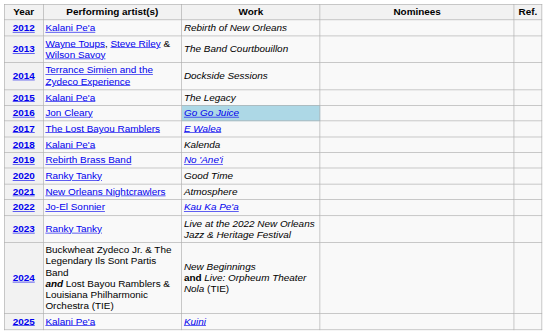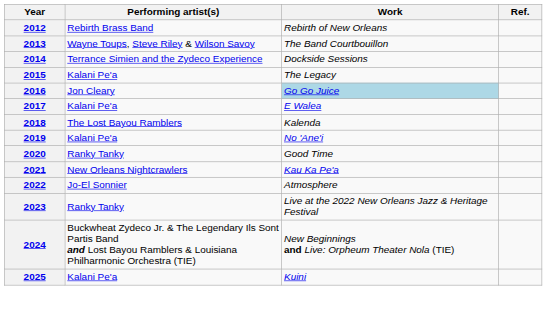 <table class="wikitable">
 <tr>
 <th width="7%">Year</th>
 <th width="25%">Performing artist(s)</th>
 <th width="25%">Work</th>
-<th width="35%" class=unsortable>Nominees</th>
 <th width="5%" class=unsortable>Ref.</th>
 </tr>
 <tr>
 <th scope="row" style="text-align:center;"><a href='#'>2012</a></th>
-<td><a href='#'>Kalani Pe'a</a></td>
+<td><a href='#'>Rebirth Brass Band</a></td>
 <td><em>Rebirth of New Orleans</em></td>
-<td></td>
 <td align="center"></td>
 </tr>
 <tr>
 <th scope="row" style="text-align:center;"><a href='#'>2013</a></th>
 <td><a href='#'>Wayne Toups</a>, <a href='#'>Steve Riley</a> & <a href='#'>Wilson Savoy</a></td>
 <td><em>The Band Courtbouillon</em></td>
-<td></td>
 <td align="center"></td>
 </tr>
 <tr>
 <th scope="row" style="text-align:center;"><a href='#'>2014</a></th>
 <td><a href='#'>Terrance Simien and the Zydeco Experience</a></td>
 <td><em>Dockside Sessions</em></td>
-<td></td>
 <td align="center"></td>
 </tr>
 <tr>
 <th scope="row" style="text-align:center;"><a href='#'>2015</a></th>
 <td><a href='#'>Kalani Pe'a</a></td>
 <td><em>The Legacy</em></td>
-<td></td>
 <td align="center"></td>
 </tr>
 <tr>
 <th scope="row" style="text-align:center;"><a href='#'>2016</a></th>
 <td><a href='#'>Jon Cleary</a></td>
 <td style="background: lightblue;"><em><a href='#'>Go Go Juice</a></em></td>
-<td></td>
 <td align="center"></td>
 </tr>
 <tr>
 <th scope="row" style="text-align:center;"><a href='#'>2017</a></th>
-<td><a href='#'>The Lost Bayou Ramblers</a></td>
+<td><a href='#'>Kalani Pe'a</a></td>
 <td><em><a href='#'>E Walea</a></em></td>
-<td></td>
 <td align="center"></td>
 </tr>
 <tr>
 <th scope="row" style="text-align:center;"><a href='#'>2018</a></th>
-<td><a href='#'>Kalani Pe'a</a></td>
+<td><a href='#'>The Lost Bayou Ramblers</a></td>
 <td><em>Kalenda</em></td>
-<td></td>
 <td align="center"></td>
 </tr>
 <tr>
 <th scope="row" style="text-align:center;"><a href='#'>2019</a></th>
-<td><a href='#'>Rebirth Brass Band</a></td>
+<td><a href='#'>Kalani Pe'a</a></td>
 <td><em><a href='#'>No 'Ane'i</a></em></td>
-<td></td>
 <td align="center"></td>
 </tr>
 <tr>
 <th scope="row" style="text-align:center;"><a href='#'>2020</a></th>
 <td><a href='#'>Ranky Tanky</a></td>
 <td><em>Good Time</em></td>
-<td></td>
 <td align="center"></td>
 </tr>
 <tr>
 <th scope="row" style="text-align:center;"><a href='#'>2021</a></th>
 <td><a href='#'>New Orleans Nightcrawlers</a></td>
-<td><em>Atmosphere</em></td>
-<td></td>
+<td><em><a href='#'>Kau Ka Pe'a</a></em></td>
 <td align="center"></td>
 </tr>
 <tr>
 <th scope="row" style="text-align:center;"><a href='#'>2022</a></th>
 <td><a href='#'>Jo-El Sonnier</a></td>
-<td><em><a href='#'>Kau Ka Pe'a</a></em></td>
-<td></td>
+<td><em>Atmosphere</em></td>
 <td align="center"></td>
 </tr>
 <tr>
 <th scope="row" style="text-align:center;"><a href='#'>2023</a></th>
 <td><a href='#'>Ranky Tanky</a></td>
 <td><em>Live at the 2022 New Orleans Jazz & Heritage Festival</em></td>
-<td></td>
 <td align="center"></td>
 </tr>
 <tr>
 <th><a href='#'>2024</a></th>
 <td>Buckwheat Zydeco Jr. & The Legendary Ils Sont Partis Band<br><strong><em>and</em></strong> Lost Bayou Ramblers & Louisiana Philharmonic Orchestra (TIE)</td>
 <td><em>New Beginnings</em><br><strong>and</strong> <em>Live: Orpheum Theater Nola</em> (TIE)</td>
-<td></td>
 <td align="center"></td>
 </tr>
 <tr>
 <th scope="row" style="text-align:center;"><a href='#'>2025</a></th>
 <td><a href='#'>Kalani Pe'a</a></td>
 <td><em><a href='#'>Kuini</a></em></td>
-<td></td>
 <td align="center"></td>
 </tr>
 </table>
